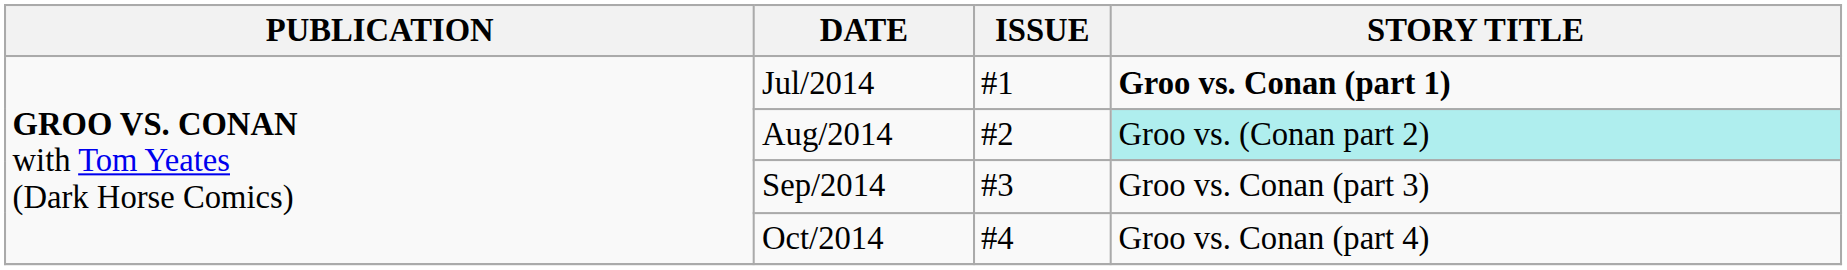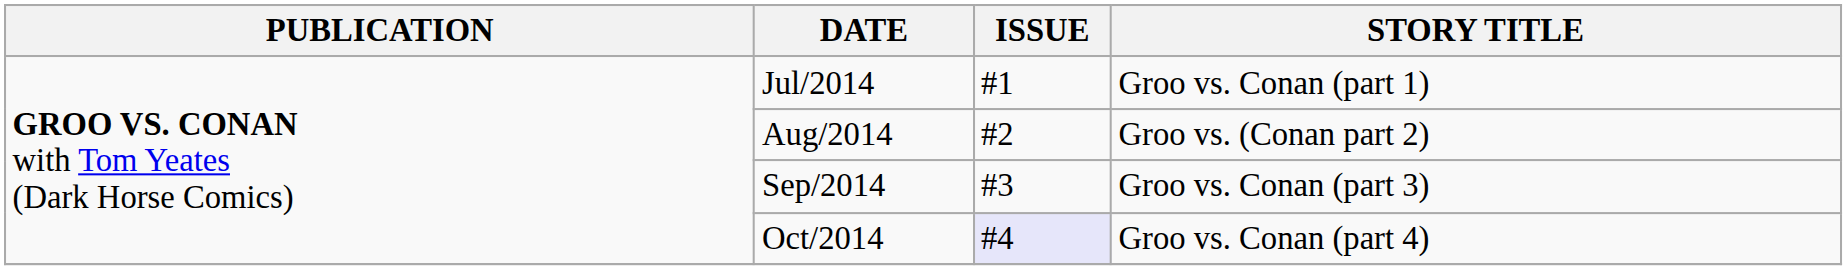 <table class="wikitable">
 <tr>
 <th width="360"><strong>PUBLICATION</strong></th>
 <th width="100"><strong>DATE</strong></th>
 <th width="60"><strong>ISSUE</strong></th>
 <th width="350"><strong>STORY TITLE</strong></th>
 </tr>
 <tr>
 <td rowspan=4><strong>GROO VS. CONAN</strong><br>with <a href='#'>Tom Yeates</a><br>(Dark Horse Comics)</td>
 <td>Jul/2014</td>
 <td>#1</td>
-<td><strong>Groo vs. Conan (part 1)</strong></td>
+<td>Groo vs. Conan (part 1)</td>
 </tr>
 <tr>
 <td>Aug/2014</td>
 <td>#2</td>
-<td style="background: paleturquoise;">Groo vs. (Conan part 2)</td>
+<td>Groo vs. (Conan part 2)</td>
 </tr>
 <tr>
 <td>Sep/2014</td>
 <td>#3</td>
 <td>Groo vs. Conan (part 3)</td>
 </tr>
 <tr>
 <td>Oct/2014</td>
-<td>#4</td>
+<td style="background: lavender;">#4</td>
 <td>Groo vs. Conan (part 4)</td>
 </tr>
 <tr>
 </tr>
 </table>
